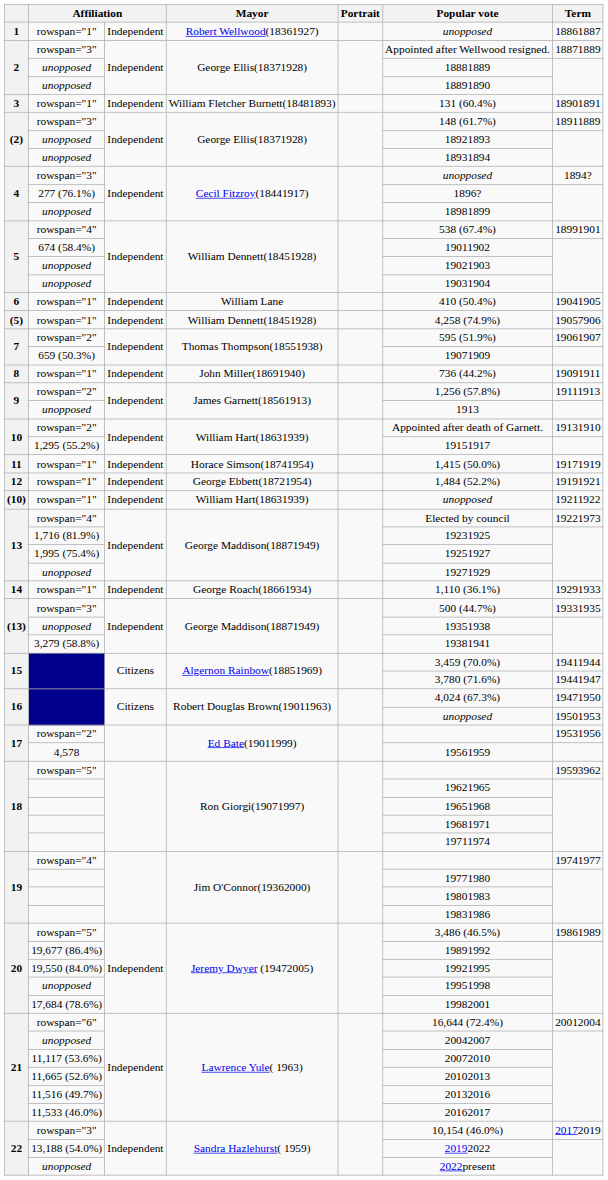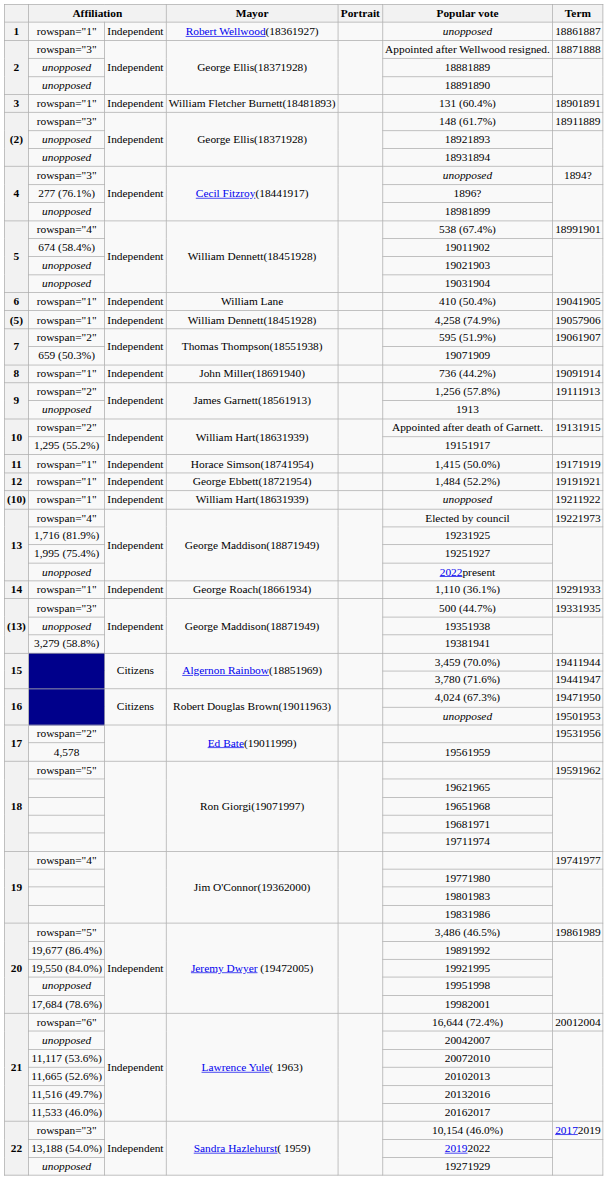 <table class="wikitable" style="text-align:center">
 <tr>
 <th></th>
 <th scope="col" colspan="2">Affiliation</th>
 <th scope="col">Mayor</th>
 <th scope="col">Portrait</th>
 <th scope="col">Popular vote</th>
 <th scope="col">Term</th>
 </tr>
 <tr>
 <th scope="row" rowspan="1">1</th>
 <td>rowspan="1" </td>
 <td rowspan="1">Independent</td>
 <td rowspan="1"><a href='#'>Robert Wellwood</a>(18361927)</td>
 <td rowspan="1"></td>
 <td><em>unopposed</em></td>
 <td>18861887</td>
 </tr>
 <tr>
 <th scope="row" rowspan="3">2</th>
 <td>rowspan="3" </td>
 <td rowspan="3">Independent</td>
 <td rowspan="3">George Ellis(18371928)</td>
 <td rowspan="3"></td>
 <td>Appointed after Wellwood resigned.</td>
-<td>18871889</td>
+<td>18871888</td>
 </tr>
 <tr>
 <td><em>unopposed</em></td>
 <td>18881889</td>
 </tr>
 <tr>
 <td><em>unopposed</em></td>
 <td>18891890</td>
 </tr>
 <tr>
 <th scope="row">3</th>
 <td>rowspan="1" </td>
 <td rowspan="1">Independent</td>
 <td rowspan="1">William Fletcher Burnett(18481893)</td>
 <td rowspan="1"></td>
 <td>131 (60.4%)</td>
 <td>18901891</td>
 </tr>
 <tr>
 <th scope="row" rowspan="3">(2)</th>
 <td>rowspan="3" </td>
 <td rowspan="3">Independent</td>
 <td rowspan="3">George Ellis(18371928)</td>
 <td rowspan="3"></td>
 <td>148 (61.7%)</td>
 <td>18911889</td>
 </tr>
 <tr>
 <td><em>unopposed</em></td>
 <td>18921893</td>
 </tr>
 <tr>
 <td><em>unopposed</em></td>
 <td>18931894</td>
 </tr>
 <tr>
 <th scope="row" rowspan="3">4</th>
 <td>rowspan="3" </td>
 <td rowspan="3">Independent</td>
 <td rowspan="3"><a href='#'>Cecil Fitzroy</a>(18441917)</td>
 <td rowspan="3"></td>
 <td><em>unopposed</em></td>
 <td>1894?</td>
 </tr>
 <tr>
 <td>277 (76.1%)</td>
 <td>1896?</td>
 </tr>
 <tr>
 <td><em>unopposed</em></td>
 <td>18981899</td>
 </tr>
 <tr>
 <th scope="row" rowspan="4">5</th>
 <td>rowspan="4" </td>
 <td rowspan="4">Independent</td>
 <td rowspan="4">William Dennett(18451928)</td>
 <td rowspan="4"></td>
 <td>538 (67.4%)</td>
 <td>18991901</td>
 </tr>
 <tr>
 <td>674 (58.4%)</td>
 <td>19011902</td>
 </tr>
 <tr>
 <td><em>unopposed</em></td>
 <td>19021903</td>
 </tr>
 <tr>
 <td><em>unopposed</em></td>
 <td>19031904</td>
 </tr>
 <tr>
 <th scope="row" rowspan="1">6</th>
 <td>rowspan="1" </td>
 <td rowspan="1">Independent</td>
 <td rowspan="1">William Lane</td>
 <td rowspan="1"></td>
 <td>410 (50.4%)</td>
 <td>19041905</td>
 </tr>
 <tr>
 <th scope="row" rowspan="1">(5)</th>
 <td>rowspan="1" </td>
 <td rowspan="1">Independent</td>
 <td rowspan="1">William Dennett(18451928)</td>
 <td rowspan="1"></td>
 <td>4,258 (74.9%)</td>
 <td>19057906</td>
 </tr>
 <tr>
 <th scope="row" rowspan="2">7</th>
 <td>rowspan="2" </td>
 <td rowspan="2">Independent</td>
 <td rowspan="2">Thomas Thompson(18551938)</td>
 <td rowspan="2"></td>
 <td>595 (51.9%)</td>
 <td>19061907</td>
 </tr>
 <tr>
 <td>659 (50.3%)</td>
 <td>19071909</td>
 </tr>
 <tr>
 <th scope="row" rowspan="1">8</th>
 <td>rowspan="1" </td>
 <td rowspan="1">Independent</td>
 <td rowspan="1">John Miller(18691940)</td>
 <td rowspan="1"></td>
 <td>736 (44.2%)</td>
-<td>19091911</td>
+<td>19091914</td>
 </tr>
 <tr>
 <th scope="row" rowspan="2">9</th>
 <td>rowspan="2" </td>
 <td rowspan="2">Independent</td>
 <td rowspan="2">James Garnett(18561913)</td>
 <td rowspan="2"></td>
 <td>1,256 (57.8%)</td>
 <td>19111913</td>
 </tr>
 <tr>
 <td><em>unopposed</em></td>
 <td>1913</td>
 </tr>
 <tr>
 <th scope="row" rowspan="2">10</th>
 <td>rowspan="2" </td>
 <td rowspan="2">Independent</td>
 <td rowspan="2">William Hart(18631939)</td>
 <td rowspan="2"></td>
 <td>Appointed after death of Garnett.</td>
-<td>19131910</td>
+<td>19131915</td>
 </tr>
 <tr>
 <td>1,295 (55.2%)</td>
 <td>19151917</td>
 </tr>
 <tr>
 <th scope="row" rowspan="1">11</th>
 <td>rowspan="1" </td>
 <td rowspan="1">Independent</td>
 <td rowspan="1">Horace Simson(18741954)</td>
 <td rowspan="1"></td>
 <td>1,415 (50.0%)</td>
 <td>19171919</td>
 </tr>
 <tr>
 <th scope="row" rowspan="1">12</th>
 <td>rowspan="1" </td>
 <td rowspan="1">Independent</td>
 <td rowspan="1">George Ebbett(18721954)</td>
 <td rowspan="1"></td>
 <td>1,484 (52.2%)</td>
 <td>19191921</td>
 </tr>
 <tr>
 <th scope="row" rowspan="1">(10)</th>
 <td>rowspan="1" </td>
 <td rowspan="1">Independent</td>
 <td rowspan="1">William Hart(18631939)</td>
 <td rowspan="1"></td>
 <td><em>unopposed</em></td>
 <td>19211922</td>
 </tr>
 <tr>
 <th scope="row" rowspan="4">13</th>
 <td>rowspan="4" </td>
 <td rowspan="4">Independent</td>
 <td rowspan="4">George Maddison(18871949)</td>
 <td rowspan="4"></td>
 <td>Elected by council</td>
 <td>19221973</td>
 </tr>
 <tr>
 <td>1,716 (81.9%)</td>
 <td>19231925</td>
 </tr>
 <tr>
 <td>1,995 (75.4%)</td>
 <td>19251927</td>
 </tr>
 <tr>
 <td><em>unopposed</em></td>
-<td>19271929</td>
+<td><a href='#'>2022</a>present</td>
 </tr>
 <tr>
 <th scope="row">14</th>
 <td>rowspan="1" </td>
 <td rowspan="1">Independent</td>
 <td rowspan="1">George Roach(18661934)</td>
 <td rowspan="1"></td>
 <td>1,110 (36.1%)</td>
 <td>19291933</td>
 </tr>
 <tr>
 <th rowspan="3" scope="row">(13)</th>
 <td>rowspan="3" </td>
 <td rowspan="3">Independent</td>
 <td rowspan="3">George Maddison(18871949)</td>
 <td rowspan="3"></td>
 <td>500 (44.7%)</td>
 <td>19331935</td>
 </tr>
 <tr>
 <td><em>unopposed</em></td>
 <td>19351938</td>
 </tr>
 <tr>
 <td>3,279 (58.8%)</td>
 <td>19381941</td>
 </tr>
 <tr>
 <th rowspan="2" scope="row">15</th>
 <td rowspan="2" style="background-color:darkblue;"></td>
 <td rowspan="2">Citizens</td>
 <td rowspan="2"><a href='#'>Algernon Rainbow</a>(18851969)</td>
 <td rowspan="2"></td>
 <td>3,459 (70.0%)</td>
 <td>19411944</td>
 </tr>
 <tr>
 <td>3,780 (71.6%)</td>
 <td>19441947</td>
 </tr>
 <tr>
 <th rowspan="2" scope="row">16</th>
 <td rowspan="2" style="background-color:darkblue;"></td>
 <td rowspan="2">Citizens</td>
 <td rowspan="2">Robert Douglas Brown(19011963)</td>
 <td rowspan="2"></td>
 <td>4,024 (67.3%)</td>
 <td>19471950</td>
 </tr>
 <tr>
 <td><em>unopposed</em></td>
 <td>19501953</td>
 </tr>
 <tr>
 <th rowspan="2" scope="row">17</th>
 <td>rowspan="2" </td>
 <td rowspan="2"></td>
 <td rowspan="2"><a href='#'>Ed Bate</a>(19011999)</td>
 <td rowspan="2"></td>
 <td></td>
 <td>19531956</td>
 </tr>
 <tr>
 <td>4,578</td>
 <td>19561959</td>
 </tr>
 <tr>
 <th rowspan="5" scope="row">18</th>
 <td>rowspan="5" </td>
 <td rowspan="5"></td>
 <td rowspan="5">Ron Giorgi(19071997)</td>
 <td rowspan="5"></td>
 <td></td>
-<td>19593962</td>
+<td>19591962</td>
 </tr>
 <tr>
 <td></td>
 <td>19621965</td>
 </tr>
 <tr>
 <td></td>
 <td>19651968</td>
 </tr>
 <tr>
 <td></td>
 <td>19681971</td>
 </tr>
 <tr>
 <td></td>
 <td>19711974</td>
 </tr>
 <tr>
 <th rowspan="4" scope="row">19</th>
 <td>rowspan="4" </td>
 <td rowspan="4"></td>
 <td rowspan="4">Jim O'Connor(19362000)</td>
 <td rowspan="4"></td>
 <td></td>
 <td>19741977</td>
 </tr>
 <tr>
 <td></td>
 <td>19771980</td>
 </tr>
 <tr>
 <td></td>
 <td>19801983</td>
 </tr>
 <tr>
 <td></td>
 <td>19831986</td>
 </tr>
 <tr>
 <th rowspan="5" scope="row">20</th>
 <td>rowspan="5" </td>
 <td rowspan="5">Independent</td>
 <td rowspan="5"><a href='#'>Jeremy Dwyer</a> (19472005)</td>
 <td rowspan="5"></td>
 <td>3,486 (46.5%)</td>
 <td>19861989</td>
 </tr>
 <tr>
 <td>19,677 (86.4%)</td>
 <td>19891992</td>
 </tr>
 <tr>
 <td>19,550 (84.0%)</td>
 <td>19921995</td>
 </tr>
 <tr>
 <td><em>unopposed</em></td>
 <td>19951998</td>
 </tr>
 <tr>
 <td>17,684 (78.6%)</td>
 <td>19982001</td>
 </tr>
 <tr>
 <th rowspan="6" scope="row">21</th>
 <td>rowspan="6" </td>
 <td rowspan="6">Independent</td>
 <td rowspan="6"><a href='#'>Lawrence Yule</a>( 1963)</td>
 <td rowspan="6"></td>
 <td>16,644 (72.4%)</td>
 <td>20012004</td>
 </tr>
 <tr>
 <td><em>unopposed</em></td>
 <td>20042007</td>
 </tr>
 <tr>
 <td>11,117 (53.6%)</td>
 <td>20072010</td>
 </tr>
 <tr>
 <td>11,665 (52.6%)</td>
 <td>20102013</td>
 </tr>
 <tr>
 <td>11,516 (49.7%)</td>
 <td>20132016</td>
 </tr>
 <tr>
 <td>11,533 (46.0%)</td>
 <td>20162017</td>
 </tr>
 <tr>
 <th rowspan="3" scope="row">22</th>
 <td>rowspan="3" </td>
 <td rowspan="3">Independent</td>
 <td rowspan="3"><a href='#'>Sandra Hazlehurst</a>( 1959)</td>
 <td rowspan="3"></td>
 <td>10,154 (46.0%)</td>
 <td><a href='#'>2017</a>2019</td>
 </tr>
 <tr>
 <td>13,188 (54.0%)</td>
 <td><a href='#'>2019</a>2022</td>
 </tr>
 <tr>
 <td><em>unopposed</em></td>
-<td><a href='#'>2022</a>present</td>
+<td>19271929</td>
 </tr>
 </table>
